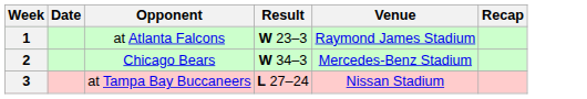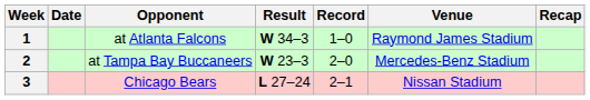 <table class="wikitable" style="text-align:center">
 <tr>
 <th>Week</th>
 <th>Date</th>
 <th>Opponent</th>
 <th>Result</th>
+<th>Record</th>
 <th>Venue</th>
 <th>Recap</th>
 </tr>
 <tr style="background:#cfc">
 <th>1</th>
 <td></td>
 <td>at <a href='#'>Atlanta Falcons</a></td>
-<td><strong>W</strong> 23–3</td>
+<td><strong>W</strong> 34–3</td>
+<td>1–0</td>
 <td><a href='#'>Raymond James Stadium</a></td>
 <td></td>
 </tr>
 <tr style="background:#cfc">
 <th>2</th>
 <td></td>
-<td><a href='#'>Chicago Bears</a></td>
-<td><strong>W</strong> 34–3</td>
+<td>at <a href='#'>Tampa Bay Buccaneers</a></td>
+<td><strong>W</strong> 23–3</td>
+<td>2–0</td>
 <td><a href='#'>Mercedes-Benz Stadium</a></td>
 <td></td>
 </tr>
 <tr style="background:#fcc">
 <th>3</th>
 <td></td>
-<td>at <a href='#'>Tampa Bay Buccaneers</a></td>
+<td><a href='#'>Chicago Bears</a></td>
 <td><strong>L</strong> 27–24</td>
+<td>2–1</td>
 <td><a href='#'>Nissan Stadium</a></td>
 <td></td>
 </tr>
 </table>
